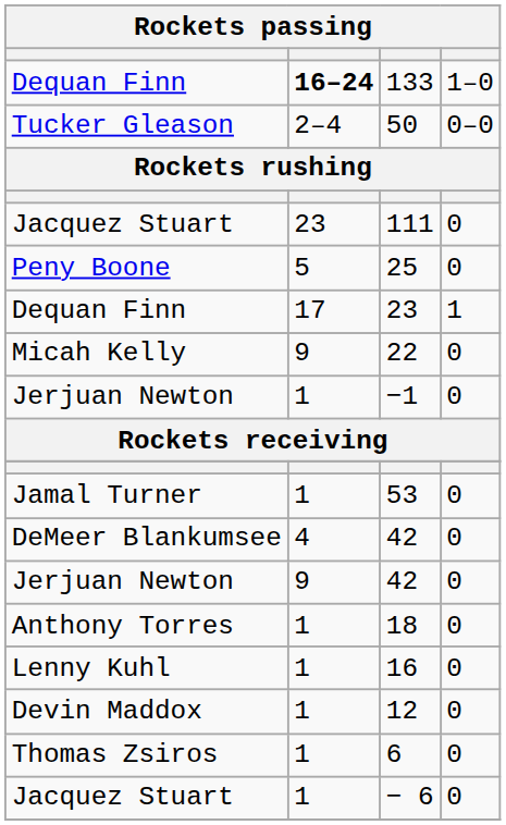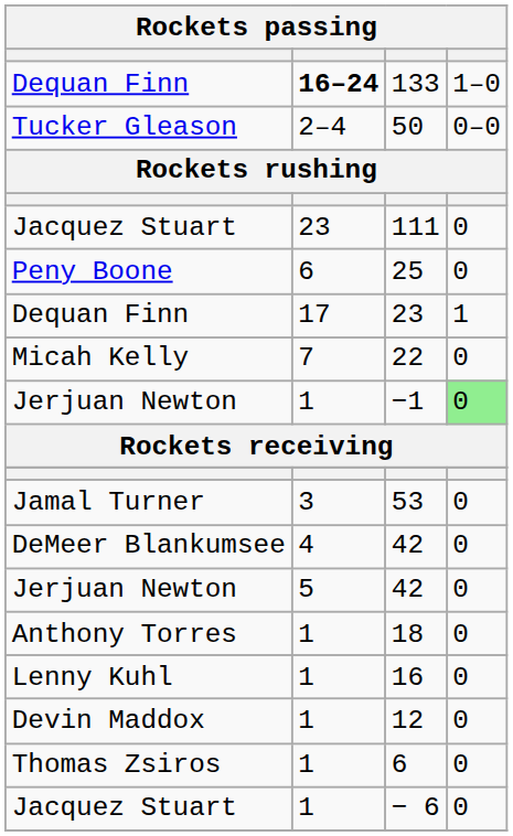 <table class="wikitable plainrowheaders">
 <tr>
 <th colspan="6">Rockets passing</th>
 </tr>
 <tr>
 <th scope="col"></th>
 <th scope="col"></th>
 <th scope="col"></th>
 <th scope="col"></th>
 </tr>
 <tr>
 <td><a href='#'>Dequan Finn</a></td>
 <td><strong>16–24</strong></td>
 <td>133</td>
 <td>1–0</td>
 </tr>
 <tr>
 <td><a href='#'>Tucker Gleason</a></td>
 <td>2–4</td>
 <td>50</td>
 <td>0–0</td>
 </tr>
 <tr>
 <th colspan="6">Rockets rushing</th>
 </tr>
 <tr>
 <th scope="col"></th>
 <th scope="col"></th>
 <th scope="col"></th>
 <th scope="col"></th>
 </tr>
 <tr>
 <td>Jacquez Stuart</td>
 <td>23</td>
 <td>111</td>
 <td>0</td>
 </tr>
 <tr>
 <td><a href='#'>Peny Boone</a></td>
-<td>5</td>
+<td>6</td>
 <td>25</td>
 <td>0</td>
 </tr>
 <tr>
 <td>Dequan Finn</td>
 <td>17</td>
 <td>23</td>
 <td>1</td>
 </tr>
 <tr>
 <td>Micah Kelly</td>
-<td>9</td>
+<td>7</td>
 <td>22</td>
 <td>0</td>
 </tr>
 <tr>
 <td>Jerjuan Newton</td>
 <td>1</td>
 <td>−1</td>
-<td>0</td>
+<td style="background: lightgreen;">0</td>
 </tr>
 <tr>
 <th colspan="6">Rockets receiving</th>
 </tr>
 <tr>
 </tr>
 <tr>
 <th scope="col"></th>
 <th scope="col"></th>
 <th scope="col"></th>
 <th scope="col"></th>
 </tr>
 <tr>
 <td>Jamal Turner</td>
-<td>1</td>
+<td>3</td>
 <td>53</td>
 <td>0</td>
 </tr>
 <tr>
 <td>DeMeer Blankumsee</td>
 <td>4</td>
 <td>42</td>
 <td>0</td>
 </tr>
 <tr>
 <td>Jerjuan Newton</td>
-<td>9</td>
+<td>5</td>
 <td>42</td>
 <td>0</td>
 </tr>
 <tr>
 <td>Anthony Torres</td>
 <td>1</td>
 <td>18</td>
 <td>0</td>
 </tr>
 <tr>
 <td>Lenny Kuhl</td>
 <td>1</td>
 <td>16</td>
 <td>0</td>
 </tr>
 <tr>
 <td>Devin Maddox</td>
 <td>1</td>
 <td>12</td>
 <td>0</td>
 </tr>
 <tr>
 <td>Thomas Zsiros</td>
 <td>1</td>
 <td>6</td>
 <td>0</td>
 </tr>
 <tr>
 <td>Jacquez Stuart</td>
 <td>1</td>
 <td>− 6</td>
 <td>0</td>
 </tr>
 <tr>
 </tr>
 </table>
